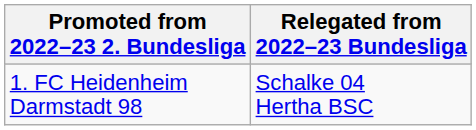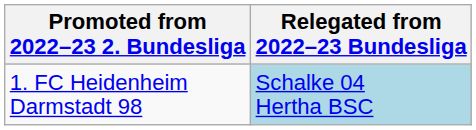 <table class="wikitable">
 <tr>
 <th>Promoted from<br><a href='#'>2022–23 2. Bundesliga</a></th>
 <th>Relegated from<br><a href='#'>2022–23 Bundesliga</a></th>
 </tr>
 <tr>
 <td><a href='#'>1. FC Heidenheim</a><br><a href='#'>Darmstadt 98</a></td>
-<td><a href='#'>Schalke 04</a><br><a href='#'>Hertha BSC</a></td>
+<td style="background: lightblue;"><a href='#'>Schalke 04</a><br><a href='#'>Hertha BSC</a></td>
 </tr>
 </table>
